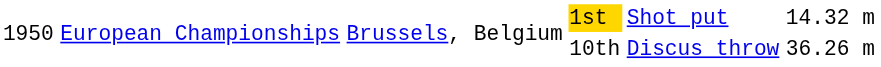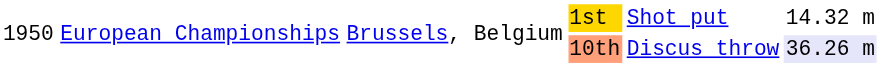 <table>
 <tr>
 <td rowspan=2>1950</td>
 <td rowspan=2><a href='#'>European Championships</a></td>
 <td rowspan=2><a href='#'>Brussels</a>, Belgium</td>
 <td bgcolor=gold>1st</td>
 <td><a href='#'>Shot put</a></td>
 <td>14.32 m</td>
 </tr>
 <tr>
-<td>10th</td>
+<td style="background: lightsalmon;">10th</td>
 <td><a href='#'>Discus throw</a></td>
-<td>36.26 m</td>
+<td style="background: lavender;">36.26 m</td>
 </tr>
 </table>
